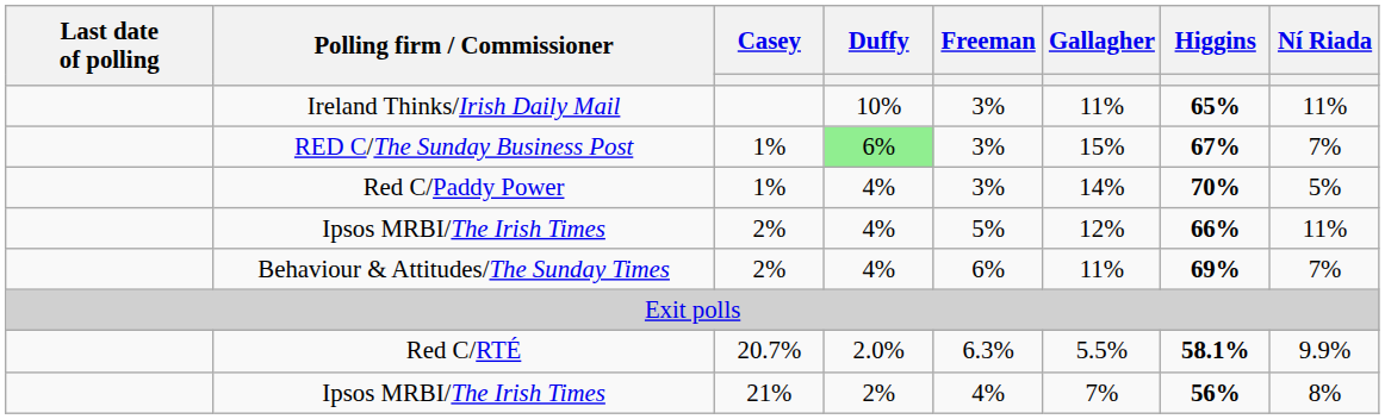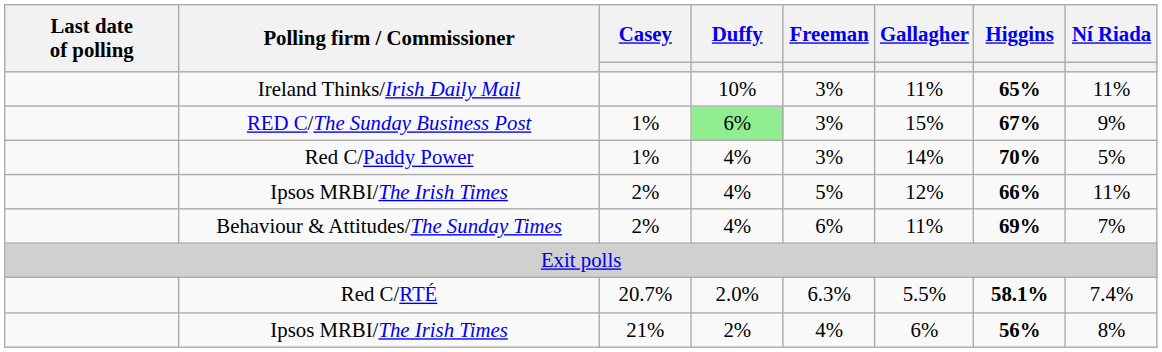 <table class="wikitable" style="text-align:center;font-size:95%;">
 <tr style="height:42px; background-color:#E9E9E9">
 <th style="width:120px;" rowspan="2">Last date<br>of polling</th>
 <th style="width:300px;" rowspan="2">Polling firm / Commissioner</th>
 <th style="width:60px;"><a href='#'>Casey</a></th>
 <th style="width:60px;"><a href='#'>Duffy</a></th>
 <th style="width:60px;"><a href='#'>Freeman</a></th>
 <th style="width:60px;"><a href='#'>Gallagher</a></th>
 <th style="width:60px;"><a href='#'>Higgins</a></th>
 <th style="width:60px;"><a href='#'>Ní Riada</a></th>
 </tr>
 <tr>
 <th style="color:inherit;background:"></th>
 <th style="color:inherit;background:"></th>
 <th style="color:inherit;background:"></th>
 <th style="color:inherit;background:"></th>
 <th style="color:inherit;background:"></th>
 <th style="color:inherit;background:"></th>
 </tr>
 <tr>
 <td></td>
 <td>Ireland Thinks/<em><a href='#'>Irish Daily Mail</a></em></td>
 <td></td>
 <td>10%</td>
 <td>3%</td>
 <td>11%</td>
 <td><strong>65%</strong></td>
 <td>11%</td>
 </tr>
 <tr>
 <td></td>
 <td><a href='#'>RED C</a>/<em><a href='#'>The Sunday Business Post</a></em></td>
 <td>1%</td>
 <td style="background: lightgreen;">6%</td>
 <td>3%</td>
 <td>15%</td>
 <td><strong>67%</strong></td>
-<td>7%</td>
+<td>9%</td>
 </tr>
 <tr>
 <td></td>
 <td>Red C/<a href='#'>Paddy Power</a></td>
 <td>1%</td>
 <td>4%</td>
 <td>3%</td>
 <td>14%</td>
 <td><strong>70%</strong></td>
 <td>5%</td>
 </tr>
 <tr>
 <td></td>
 <td>Ipsos MRBI/<em><a href='#'>The Irish Times</a></em></td>
 <td>2%</td>
 <td>4%</td>
 <td>5%</td>
 <td>12%</td>
 <td><strong>66%</strong></td>
 <td>11%</td>
 </tr>
 <tr>
 <td></td>
 <td>Behaviour & Attitudes/<em><a href='#'>The Sunday Times</a></em></td>
 <td>2%</td>
 <td>4%</td>
 <td>6%</td>
 <td>11%</td>
 <td><strong>69%</strong></td>
 <td>7%</td>
 </tr>
 <tr>
 <td colspan="9" style="background:#D0D0D0; color:black"><a href='#'>Exit polls</a></td>
 </tr>
 <tr>
 <td></td>
 <td>Red C/<a href='#'>RTÉ</a></td>
 <td>20.7%</td>
 <td>2.0%</td>
 <td>6.3%</td>
 <td>5.5%</td>
 <td><strong>58.1%</strong></td>
-<td>9.9%</td>
+<td>7.4%</td>
 </tr>
 <tr>
 <td></td>
 <td>Ipsos MRBI/<em><a href='#'>The Irish Times</a></em></td>
 <td>21%</td>
 <td>2%</td>
 <td>4%</td>
-<td>7%</td>
+<td>6%</td>
 <td><strong>56%</strong></td>
 <td>8%</td>
 </tr>
 </table>
